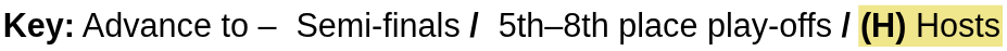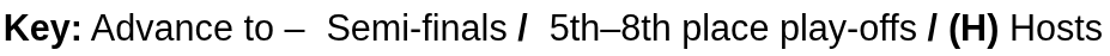 <table style="font-size: 85%;">
 <tr>
 <td height=5></td>
 </tr>
 <tr>
 <td><strong>Key:</strong> Advance to –</td>
 <td></td>
 <td>Semi-finals <strong>/</strong></td>
 <td></td>
 <td>5th–8th place play-offs <strong>/</strong></td>
-<td style="background: khaki;"><strong>(H)</strong> Hosts</td>
+<td><strong>(H)</strong> Hosts</td>
 </tr>
 </table>
